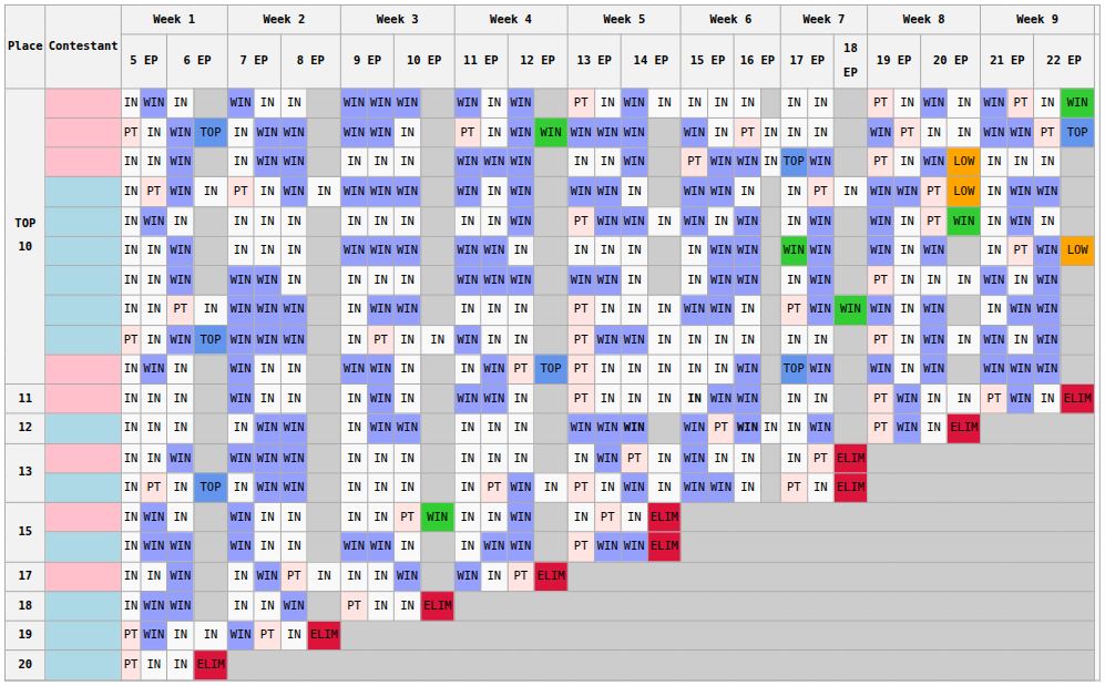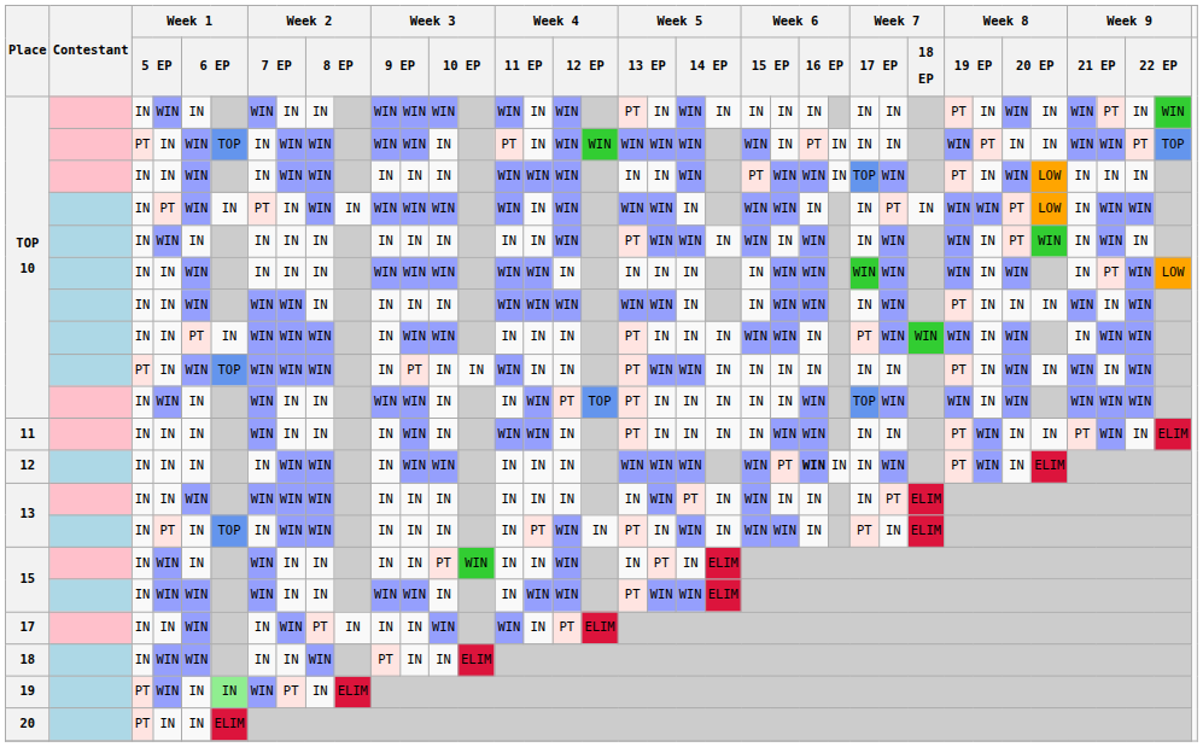 <table class="wikitable" style="text-align: center; font-size: 8pt; line-height:22px; width: 10%">
 <tr>
 <th rowspan="2">Place</th>
 <th rowspan="2">Contestant</th>
 <th colspan="4">Week 1</th>
 <th colspan="4">Week 2</th>
 <th colspan="4">Week 3</th>
 <th colspan="4">Week 4</th>
 <th colspan="4">Week 5</th>
 <th colspan="4">Week 6</th>
 <th colspan="4">Week 7</th>
 <th colspan="4">Week 8</th>
 <th colspan="4">Week 9</th>
 <td></td>
 </tr>
 <tr>
 <th colspan=2>5 EP</th>
 <th colspan=2>6 EP</th>
 <th colspan=2>7 EP</th>
 <th colspan=2>8 EP</th>
 <th colspan=2>9 EP</th>
 <th colspan=2>10 EP</th>
 <th colspan=2>11 EP</th>
 <th colspan=2>12 EP</th>
 <th colspan=2>13 EP</th>
 <th colspan=2>14 EP</th>
 <th colspan=2>15 EP</th>
 <th colspan=2>16 EP</th>
 <th colspan=2>17 EP</th>
 <th colspan=2>18 EP</th>
 <th colspan=2>19 EP</th>
 <th colspan=2>20 EP</th>
 <th colspan=2>21 EP</th>
 <th colspan=2>22 EP</th>
 </tr>
 <tr>
 <th width=10 rowspan="10">TOP<br>10</th>
 <td width=65 bgcolor=FFC0CB></td>
 <td width=25>IN</td>
 <td bgcolor=959FFD>WIN</td>
 <td width=25>IN</td>
 <td width=50 bgcolor=CCCCCC></td>
 <td bgcolor=959FFD>WIN</td>
 <td width=25>IN</td>
 <td width=25>IN</td>
 <td width=50 bgcolor=CCCCCC></td>
 <td bgcolor=959FFD>WIN</td>
 <td bgcolor=959FFD>WIN</td>
 <td bgcolor=959FFD>WIN</td>
 <td width=50 bgcolor=CCCCCC></td>
 <td bgcolor=959FFD>WIN</td>
 <td width=25>IN</td>
 <td bgcolor=959FFD>WIN</td>
 <td width=50 bgcolor=CCCCCC></td>
 <td width=25 bgcolor=FFE4E1>PT</td>
 <td width=25>IN</td>
 <td bgcolor=959FFD>WIN</td>
 <td width=25>IN</td>
 <td width=25>IN</td>
 <td width=25>IN</td>
 <td width=25>IN</td>
 <td width=50 bgcolor=CCCCCC></td>
 <td width=25>IN</td>
 <td colspan=2>IN</td>
 <td width=50 bgcolor=CCCCCC></td>
 <td width=25 bgcolor=FFE4E1>PT</td>
 <td width=25>IN</td>
 <td bgcolor=959FFD>WIN</td>
 <td width=25>IN</td>
 <td bgcolor=959FFD>WIN</td>
 <td width=25 bgcolor=FFE4E1>PT</td>
 <td width=25>IN</td>
 <td bgcolor=32CD32>WIN</td>
 </tr>
 <tr>
 <td width=65 bgcolor=FFC0CB></td>
 <td width=25 bgcolor=FFE4E1>PT</td>
 <td width=25>IN</td>
 <td bgcolor=959FFD>WIN</td>
 <td width=25 bgcolor=#6495ED>TOP</td>
 <td width=25>IN</td>
 <td bgcolor=959FFD>WIN</td>
 <td bgcolor=959FFD>WIN</td>
 <td width=50 bgcolor=CCCCCC></td>
 <td bgcolor=959FFD>WIN</td>
 <td bgcolor=959FFD>WIN</td>
 <td width=25>IN</td>
 <td width=50 bgcolor=CCCCCC></td>
 <td width=25 bgcolor=FFE4E1>PT</td>
 <td width=25>IN</td>
 <td bgcolor=959FFD>WIN</td>
 <td bgcolor=32CD32>WIN</td>
 <td bgcolor=959FFD>WIN</td>
 <td bgcolor=959FFD>WIN</td>
 <td bgcolor=959FFD>WIN</td>
 <td width=50 bgcolor=CCCCCC></td>
 <td bgcolor=959FFD>WIN</td>
 <td width=25>IN</td>
 <td width=25 bgcolor=FFE4E1>PT</td>
 <td width=25>IN</td>
 <td width=25>IN</td>
 <td colspan=2>IN</td>
 <td width=50 bgcolor=CCCCCC></td>
 <td bgcolor=959FFD>WIN</td>
 <td width=25 bgcolor=FFE4E1>PT</td>
 <td width=25>IN</td>
 <td width=25>IN</td>
 <td bgcolor=959FFD>WIN</td>
 <td bgcolor=959FFD>WIN</td>
 <td width=25 bgcolor=FFE4E1>PT</td>
 <td width=25 bgcolor=#6495ED>TOP</td>
 </tr>
 <tr>
 <td width=65 bgcolor=FFC0CB></td>
 <td width=25>IN</td>
 <td width=25>IN</td>
 <td bgcolor=959FFD>WIN</td>
 <td width=50 bgcolor=CCCCCC></td>
 <td width=25>IN</td>
 <td bgcolor=959FFD>WIN</td>
 <td bgcolor=959FFD>WIN</td>
 <td width=50 bgcolor=CCCCCC></td>
 <td width=25>IN</td>
 <td width=25>IN</td>
 <td width=25>IN</td>
 <td width=50 bgcolor=CCCCCC></td>
 <td bgcolor=959FFD>WIN</td>
 <td bgcolor=959FFD>WIN</td>
 <td bgcolor=959FFD>WIN</td>
 <td width=50 bgcolor=CCCCCC></td>
 <td width=25>IN</td>
 <td width=25>IN</td>
 <td bgcolor=959FFD>WIN</td>
 <td width=50 bgcolor=CCCCCC></td>
 <td width=25 bgcolor=FFE4E1>PT</td>
 <td bgcolor=959FFD>WIN</td>
 <td bgcolor=959FFD>WIN</td>
 <td width=25>IN</td>
 <td bgcolor=6495ED>TOP</td>
 <td colspan=2 bgcolor=959FFD>WIN</td>
 <td width=50 bgcolor=CCCCCC></td>
 <td width=25 bgcolor=FFE4E1>PT</td>
 <td width=25>IN</td>
 <td bgcolor=959FFD>WIN</td>
 <td bgcolor=FFA500>LOW</td>
 <td width=25>IN</td>
 <td width=25>IN</td>
 <td width=25>IN</td>
 <td width=50 bgcolor=CCCCCC></td>
 </tr>
 <tr>
 <td width=65 bgcolor=ADD8E6></td>
 <td width=25>IN</td>
 <td width=25 bgcolor=FFE4E1>PT</td>
 <td bgcolor=959FFD>WIN</td>
 <td width=25>IN</td>
 <td width=25 bgcolor=FFE4E1>PT</td>
 <td width=25>IN</td>
 <td bgcolor=959FFD>WIN</td>
 <td width=25>IN</td>
 <td bgcolor=959FFD>WIN</td>
 <td bgcolor=959FFD>WIN</td>
 <td bgcolor=959FFD>WIN</td>
 <td width=50 bgcolor=CCCCCC></td>
 <td bgcolor=959FFD>WIN</td>
 <td width=25>IN</td>
 <td bgcolor=959FFD>WIN</td>
 <td width=50 bgcolor=CCCCCC></td>
 <td bgcolor=959FFD>WIN</td>
 <td bgcolor=959FFD>WIN</td>
 <td width=25>IN</td>
 <td width=50 bgcolor=CCCCCC></td>
 <td bgcolor=959FFD>WIN</td>
 <td bgcolor=959FFD>WIN</td>
 <td width=25>IN</td>
 <td width=50 bgcolor=CCCCCC></td>
 <td width=25>IN</td>
 <td colspan=2 width=25 bgcolor=FFE4E1>PT</td>
 <td width=25>IN</td>
 <td bgcolor=959FFD>WIN</td>
 <td bgcolor=959FFD>WIN</td>
 <td width=25 bgcolor=FFE4E1>PT</td>
 <td bgcolor=FFA500>LOW</td>
 <td width=25>IN</td>
 <td bgcolor=959FFD>WIN</td>
 <td bgcolor=959FFD>WIN</td>
 <td width=50 bgcolor=CCCCCC></td>
 </tr>
 <tr>
 <td width=65 bgcolor=ADD8E6></td>
 <td width=25>IN</td>
 <td bgcolor=959FFD>WIN</td>
 <td width=25>IN</td>
 <td width=50 bgcolor=CCCCCC></td>
 <td width=25>IN</td>
 <td width=25>IN</td>
 <td width=25>IN</td>
 <td width=50 bgcolor=CCCCCC></td>
 <td width=25>IN</td>
 <td width=25>IN</td>
 <td width=25>IN</td>
 <td width=50 bgcolor=CCCCCC></td>
 <td width=25>IN</td>
 <td width=25>IN</td>
 <td bgcolor=959FFD>WIN</td>
 <td width=50 bgcolor=CCCCCC></td>
 <td width=25 bgcolor=FFE4E1>PT</td>
 <td bgcolor=959FFD>WIN</td>
 <td bgcolor=959FFD>WIN</td>
 <td width=25>IN</td>
 <td bgcolor=959FFD>WIN</td>
 <td width=25>IN</td>
 <td bgcolor=959FFD>WIN</td>
 <td width=50 bgcolor=CCCCCC></td>
 <td width=25>IN</td>
 <td colspan=2 bgcolor=959FFD>WIN</td>
 <td width=50 bgcolor=CCCCCC></td>
 <td bgcolor=959FFD>WIN</td>
 <td width=25>IN</td>
 <td width=25 bgcolor=FFE4E1>PT</td>
 <td bgcolor=32CD32>WIN</td>
 <td width=25>IN</td>
 <td bgcolor=959FFD>WIN</td>
 <td width=25>IN</td>
 <td width=50 bgcolor=CCCCCC></td>
 </tr>
 <tr>
 <td width=65 bgcolor=ADD8E6></td>
 <td width=25>IN</td>
 <td width=25>IN</td>
 <td bgcolor=959FFD>WIN</td>
 <td width=50 bgcolor=CCCCCC></td>
 <td width=25>IN</td>
 <td width=25>IN</td>
 <td width=25>IN</td>
 <td width=50 bgcolor=CCCCCC></td>
 <td bgcolor=959FFD>WIN</td>
 <td bgcolor=959FFD>WIN</td>
 <td bgcolor=959FFD>WIN</td>
 <td width=50 bgcolor=CCCCCC></td>
 <td bgcolor=959FFD>WIN</td>
 <td bgcolor=959FFD>WIN</td>
 <td width=25>IN</td>
 <td width=50 bgcolor=CCCCCC></td>
 <td width=25>IN</td>
 <td width=25>IN</td>
 <td width=25>IN</td>
 <td width=50 bgcolor=CCCCCC></td>
 <td width=25>IN</td>
 <td bgcolor=959FFD>WIN</td>
 <td bgcolor=959FFD>WIN</td>
 <td width=50 bgcolor=CCCCCC></td>
 <td bgcolor=32CD32>WIN</td>
 <td colspan=2 bgcolor=959FFD>WIN</td>
 <td width=50 bgcolor=CCCCCC></td>
 <td bgcolor=959FFD>WIN</td>
 <td width=25>IN</td>
 <td bgcolor=959FFD>WIN</td>
 <td width=50 bgcolor=CCCCCC></td>
 <td width=25>IN</td>
 <td width=25 bgcolor=FFE4E1>PT</td>
 <td bgcolor=959FFD>WIN</td>
 <td bgcolor=FFA500>LOW</td>
 </tr>
 <tr>
 <td width=65 bgcolor=ADD8E6></td>
 <td width=25>IN</td>
 <td width=25>IN</td>
 <td bgcolor=959FFD>WIN</td>
 <td width=50 bgcolor=CCCCCC></td>
 <td bgcolor=959FFD>WIN</td>
 <td bgcolor=959FFD>WIN</td>
 <td width=25>IN</td>
 <td width=50 bgcolor=CCCCCC></td>
 <td width=25>IN</td>
 <td width=25>IN</td>
 <td width=25>IN</td>
 <td width=50 bgcolor=CCCCCC></td>
 <td bgcolor=959FFD>WIN</td>
 <td bgcolor=959FFD>WIN</td>
 <td bgcolor=959FFD>WIN</td>
 <td width=50 bgcolor=CCCCCC></td>
 <td bgcolor=959FFD>WIN</td>
 <td bgcolor=959FFD>WIN</td>
 <td width=25>IN</td>
 <td width=50 bgcolor=CCCCCC></td>
 <td width=25>IN</td>
 <td bgcolor=959FFD>WIN</td>
 <td bgcolor=959FFD>WIN</td>
 <td width=50 bgcolor=CCCCCC></td>
 <td width=25>IN</td>
 <td colspan=2 bgcolor=959FFD>WIN</td>
 <td width=50 bgcolor=CCCCCC></td>
 <td width=25 bgcolor=FFE4E1>PT</td>
 <td width=25>IN</td>
 <td width=25>IN</td>
 <td width=25>IN</td>
 <td bgcolor=959FFD>WIN</td>
 <td width=25>IN</td>
 <td bgcolor=959FFD>WIN</td>
 <td width=50 bgcolor=CCCCCC></td>
 </tr>
 <tr>
 <td width=65 bgcolor=ADD8E6></td>
 <td width=25>IN</td>
 <td width=25>IN</td>
 <td width=25 bgcolor=FFE4E1>PT</td>
 <td width=25>IN</td>
 <td bgcolor=959FFD>WIN</td>
 <td bgcolor=959FFD>WIN</td>
 <td bgcolor=959FFD>WIN</td>
 <td width=50 bgcolor=CCCCCC></td>
 <td width=25>IN</td>
 <td bgcolor=959FFD>WIN</td>
 <td bgcolor=959FFD>WIN</td>
 <td width=50 bgcolor=CCCCCC></td>
 <td width=25>IN</td>
 <td width=25>IN</td>
 <td width=25>IN</td>
 <td width=50 bgcolor=CCCCCC></td>
 <td width=25 bgcolor=FFE4E1>PT</td>
 <td width=25>IN</td>
 <td width=25>IN</td>
 <td width=25>IN</td>
 <td bgcolor=959FFD>WIN</td>
 <td bgcolor=959FFD>WIN</td>
 <td width=25>IN</td>
 <td width=50 bgcolor=CCCCCC></td>
 <td width=25 bgcolor=FFE4E1>PT</td>
 <td colspan=2 bgcolor=959FFD>WIN</td>
 <td bgcolor=32CD32>WIN</td>
 <td bgcolor=959FFD>WIN</td>
 <td width=25>IN</td>
 <td bgcolor=959FFD>WIN</td>
 <td width=50 bgcolor=CCCCCC></td>
 <td width=25>IN</td>
 <td bgcolor=959FFD>WIN</td>
 <td bgcolor=959FFD>WIN</td>
 <td width=50 bgcolor=CCCCCC></td>
 </tr>
 <tr>
 <td width=65 bgcolor=ADD8E6></td>
 <td width=25 bgcolor=FFE4E1>PT</td>
 <td width=25>IN</td>
 <td bgcolor=959FFD>WIN</td>
 <td width=25 bgcolor=#6495ED>TOP</td>
 <td bgcolor=959FFD>WIN</td>
 <td bgcolor=959FFD>WIN</td>
 <td bgcolor=959FFD>WIN</td>
 <td width=50 bgcolor=CCCCCC></td>
 <td width=25>IN</td>
 <td width=25 bgcolor=FFE4E1>PT</td>
 <td width=25>IN</td>
 <td width=25>IN</td>
 <td bgcolor=959FFD>WIN</td>
 <td width=25>IN</td>
 <td width=25>IN</td>
 <td width=50 bgcolor=CCCCCC></td>
 <td width=25 bgcolor=FFE4E1>PT</td>
 <td bgcolor=959FFD>WIN</td>
 <td bgcolor=959FFD>WIN</td>
 <td width=25>IN</td>
 <td width=25>IN</td>
 <td width=25>IN</td>
 <td width=25>IN</td>
 <td width=50 bgcolor=CCCCCC></td>
 <td width=25>IN</td>
 <td colspan=2>IN</td>
 <td width=50 bgcolor=CCCCCC></td>
 <td width=25 bgcolor=FFE4E1>PT</td>
 <td width=25>IN</td>
 <td bgcolor=959FFD>WIN</td>
 <td width=25>IN</td>
 <td bgcolor=959FFD>WIN</td>
 <td width=25>IN</td>
 <td bgcolor=959FFD>WIN</td>
 <td width=50 bgcolor=CCCCCC></td>
 </tr>
 <tr>
 <td width=65 bgcolor=FFC0CB></td>
 <td width=25>IN</td>
 <td bgcolor=959FFD>WIN</td>
 <td width=25>IN</td>
 <td width=50 bgcolor=CCCCCC></td>
 <td bgcolor=959FFD>WIN</td>
 <td width=25>IN</td>
 <td width=25>IN</td>
 <td width=50 bgcolor=CCCCCC></td>
 <td bgcolor=959FFD>WIN</td>
 <td bgcolor=959FFD>WIN</td>
 <td width=25>IN</td>
 <td width=50 bgcolor=CCCCCC></td>
 <td width=25>IN</td>
 <td bgcolor=959FFD>WIN</td>
 <td width=25 bgcolor=FFE4E1>PT</td>
 <td width=25 bgcolor=#6495ED>TOP</td>
 <td width=25 bgcolor=FFE4E1>PT</td>
 <td width=25>IN</td>
 <td width=25>IN</td>
 <td width=25>IN</td>
 <td width=25>IN</td>
 <td width=25>IN</td>
 <td bgcolor=959FFD>WIN</td>
 <td width=50 bgcolor=CCCCCC></td>
 <td bgcolor=6495ED>TOP</td>
 <td colspan=2 bgcolor=959FFD>WIN</td>
 <td width=50 bgcolor=CCCCCC></td>
 <td bgcolor=959FFD>WIN</td>
 <td width=25>IN</td>
 <td bgcolor=959FFD>WIN</td>
 <td width=50 bgcolor=CCCCCC></td>
 <td bgcolor=959FFD>WIN</td>
 <td bgcolor=959FFD>WIN</td>
 <td bgcolor=959FFD>WIN</td>
 <td width=50 bgcolor=CCCCCC></td>
 </tr>
 <tr>
 <th width=10>11</th>
 <td width=65 bgcolor=FFC0CB></td>
 <td width=25>IN</td>
 <td width=25>IN</td>
 <td width=25>IN</td>
 <td width=50 bgcolor=CCCCCC></td>
 <td bgcolor=959FFD>WIN</td>
 <td width=25>IN</td>
 <td width=25>IN</td>
 <td width=50 bgcolor=CCCCCC></td>
 <td width=25>IN</td>
 <td bgcolor=959FFD>WIN</td>
 <td width=25>IN</td>
 <td width=50 bgcolor=CCCCCC></td>
 <td bgcolor=959FFD>WIN</td>
 <td bgcolor=959FFD>WIN</td>
 <td width=25>IN</td>
 <td width=50 bgcolor=CCCCCC></td>
 <td width=25 bgcolor=FFE4E1>PT</td>
 <td width=25>IN</td>
 <td width=25>IN</td>
 <td width=25>IN</td>
-<td width=25><strong>IN</strong></td>
+<td width=25>IN</td>
 <td bgcolor=959FFD>WIN</td>
 <td bgcolor=959FFD>WIN</td>
 <td width=50 bgcolor=CCCCCC></td>
 <td width=25>IN</td>
 <td colspan=2>IN</td>
 <td width=50 bgcolor=CCCCCC></td>
 <td width=25 bgcolor=FFE4E1>PT</td>
 <td bgcolor=959FFD>WIN</td>
 <td width=25>IN</td>
 <td width=25>IN</td>
 <td width=25 bgcolor=FFE4E1>PT</td>
 <td bgcolor=959FFD>WIN</td>
 <td width=25>IN</td>
 <td bgcolor=DC143C>ELIM</td>
 </tr>
 <tr>
 <th width=10>12</th>
 <td width=65 bgcolor=ADD8E6></td>
 <td width=25>IN</td>
 <td width=25>IN</td>
 <td width=25>IN</td>
 <td width=50 bgcolor=CCCCCC></td>
 <td width=25>IN</td>
 <td bgcolor=959FFD>WIN</td>
 <td bgcolor=959FFD>WIN</td>
 <td width=50 bgcolor=CCCCCC></td>
 <td width=25>IN</td>
 <td bgcolor=959FFD>WIN</td>
 <td bgcolor=959FFD>WIN</td>
 <td width=50 bgcolor=CCCCCC></td>
 <td width=25>IN</td>
 <td width=25>IN</td>
 <td width=25>IN</td>
 <td width=50 bgcolor=CCCCCC></td>
 <td bgcolor=959FFD>WIN</td>
 <td bgcolor=959FFD>WIN</td>
-<td bgcolor=959FFD><strong>WIN</strong></td>
+<td bgcolor=959FFD>WIN</td>
 <td width=50 bgcolor=CCCCCC></td>
 <td bgcolor=959FFD>WIN</td>
 <td width=25 bgcolor=FFE4E1>PT</td>
 <td bgcolor=959FFD><strong>WIN</strong></td>
 <td width=25>IN</td>
 <td width=25>IN</td>
 <td colspan=2 bgcolor=959FFD>WIN</td>
 <td width=50 bgcolor=CCCCCC></td>
 <td width=25 bgcolor=FFE4E1>PT</td>
 <td bgcolor=959FFD>WIN</td>
 <td width=25>IN</td>
 <td bgcolor=DC143C>ELIM</td>
 <td colspan="4" width="50" bgcolor="CCCCCC"></td>
 </tr>
 <tr>
 <th rowspan="2" width=10>13</th>
 <td width=65 bgcolor=FFC0CB></td>
 <td width=25>IN</td>
 <td width=25>IN</td>
 <td bgcolor=959FFD>WIN</td>
 <td width=50 bgcolor=CCCCCC></td>
 <td bgcolor=959FFD>WIN</td>
 <td bgcolor=959FFD>WIN</td>
 <td bgcolor=959FFD>WIN</td>
 <td width=50 bgcolor=CCCCCC></td>
 <td width=25>IN</td>
 <td width=25>IN</td>
 <td width=25>IN</td>
 <td width=50 bgcolor=CCCCCC></td>
 <td width=25>IN</td>
 <td width=25>IN</td>
 <td width=25>IN</td>
 <td width=50 bgcolor=CCCCCC></td>
 <td width=25>IN</td>
 <td bgcolor=959FFD>WIN</td>
 <td width=25 bgcolor=FFE4E1>PT</td>
 <td width=25>IN</td>
 <td bgcolor=959FFD>WIN</td>
 <td width=25>IN</td>
 <td width=25>IN</td>
 <td width=50 bgcolor=CCCCCC></td>
 <td width=25>IN</td>
 <td colspan=2 width=25 bgcolor=FFE4E1>PT</td>
 <td bgcolor=DC143C>ELIM</td>
 <td colspan="8" width="50" bgcolor="CCCCCC"></td>
 </tr>
 <tr>
 <td width=65 bgcolor=ADD8E6></td>
 <td width=25>IN</td>
 <td width=25 bgcolor=FFE4E1>PT</td>
 <td width=25>IN</td>
 <td width=25 bgcolor=#6495ED>TOP</td>
 <td width=25>IN</td>
 <td bgcolor=959FFD>WIN</td>
 <td bgcolor=959FFD>WIN</td>
 <td width=50 bgcolor=CCCCCC></td>
 <td width=25>IN</td>
 <td width=25>IN</td>
 <td width=25>IN</td>
 <td width=50 bgcolor=CCCCCC></td>
 <td width=25>IN</td>
 <td width=25 bgcolor=FFE4E1>PT</td>
 <td bgcolor=959FFD>WIN</td>
 <td width=25>IN</td>
 <td width=25 bgcolor=FFE4E1>PT</td>
 <td width=25>IN</td>
 <td bgcolor=959FFD>WIN</td>
 <td width=25>IN</td>
 <td bgcolor=959FFD>WIN</td>
 <td bgcolor=959FFD>WIN</td>
 <td width=25>IN</td>
 <td width=50 bgcolor=CCCCCC></td>
 <td width=25 bgcolor=FFE4E1>PT</td>
 <td colspan=2>IN</td>
 <td bgcolor=DC143C>ELIM</td>
 <td colspan="8" width="50" bgcolor="CCCCCC"></td>
 </tr>
 <tr>
 <th rowspan="2" width=10>15</th>
 <td width=65 bgcolor=FFC0CB></td>
 <td width=25>IN</td>
 <td bgcolor=959FFD>WIN</td>
 <td width=25>IN</td>
 <td width=50 bgcolor=CCCCCC></td>
 <td bgcolor=959FFD>WIN</td>
 <td width=25>IN</td>
 <td width=25>IN</td>
 <td width=50 bgcolor=CCCCCC></td>
 <td width=25>IN</td>
 <td width=25>IN</td>
 <td width=25 bgcolor=FFE4E1>PT</td>
 <td bgcolor=32CD32>WIN</td>
 <td width=25>IN</td>
 <td width=25>IN</td>
 <td bgcolor=959FFD>WIN</td>
 <td width=50 bgcolor=CCCCCC></td>
 <td width=25>IN</td>
 <td width=25 bgcolor=FFE4E1>PT</td>
 <td width=25>IN</td>
 <td bgcolor=DC143C>ELIM</td>
 <td colspan="16" width="50" bgcolor="CCCCCC"></td>
 </tr>
 <tr>
 <td width=65 bgcolor=ADD8E6></td>
 <td width=25>IN</td>
 <td bgcolor=959FFD>WIN</td>
 <td bgcolor=959FFD>WIN</td>
 <td width=50 bgcolor=CCCCCC></td>
 <td bgcolor=959FFD>WIN</td>
 <td width=25>IN</td>
 <td width=25>IN</td>
 <td width=50 bgcolor=CCCCCC></td>
 <td bgcolor=959FFD>WIN</td>
 <td bgcolor=959FFD>WIN</td>
 <td width=25>IN</td>
 <td width=50 bgcolor=CCCCCC></td>
 <td width=25>IN</td>
 <td bgcolor=959FFD>WIN</td>
 <td bgcolor=959FFD>WIN</td>
 <td width=50 bgcolor=CCCCCC></td>
 <td width=25 bgcolor=FFE4E1>PT</td>
 <td bgcolor=959FFD>WIN</td>
 <td bgcolor=959FFD>WIN</td>
 <td bgcolor=DC143C>ELIM</td>
 <td colspan="16" width="50" bgcolor="CCCCCC"></td>
 </tr>
 <tr>
 <th width=10>17</th>
 <td width=65 bgcolor=FFC0CB></td>
 <td width=25>IN</td>
 <td width=25>IN</td>
 <td bgcolor=959FFD>WIN</td>
 <td width=50 bgcolor=CCCCCC></td>
 <td width=25>IN</td>
 <td bgcolor=959FFD>WIN</td>
 <td width=25 bgcolor=FFE4E1>PT</td>
 <td width=25>IN</td>
 <td width=25>IN</td>
 <td width=25>IN</td>
 <td bgcolor=959FFD>WIN</td>
 <td width=50 bgcolor=CCCCCC></td>
 <td bgcolor=959FFD>WIN</td>
 <td width=25>IN</td>
 <td width=25 bgcolor=FFE4E1>PT</td>
 <td bgcolor=DC143C>ELIM</td>
 <td width=50 colspan=20 bgcolor=CCCCCC></td>
 </tr>
 <tr>
 <th width=10>18</th>
 <td width=65 bgcolor=ADD8E6></td>
 <td width=25>IN</td>
 <td bgcolor=959FFD>WIN</td>
 <td bgcolor=959FFD>WIN</td>
 <td width=50 bgcolor=CCCCCC></td>
 <td width=25>IN</td>
 <td width=25>IN</td>
 <td bgcolor=959FFD>WIN</td>
 <td width=50 bgcolor=CCCCCC></td>
 <td width=25 bgcolor=FFE4E1>PT</td>
 <td width=25>IN</td>
 <td width=25>IN</td>
 <td bgcolor=DC143C>ELIM</td>
 <td colspan="24" width="50" bgcolor="CCCCCC"></td>
 </tr>
 <tr>
 <th width=10>19</th>
 <td width=65 bgcolor=ADD8E6></td>
 <td width=25 bgcolor=FFE4E1>PT</td>
 <td bgcolor=959FFD>WIN</td>
 <td width=25>IN</td>
-<td width=25>IN</td>
+<td width=25 style="background: lightgreen;">IN</td>
 <td bgcolor=959FFD>WIN</td>
 <td width=25 bgcolor=FFE4E1>PT</td>
 <td width=25>IN</td>
 <td bgcolor=DC143C>ELIM</td>
 <td colspan="28" width="50" bgcolor="CCCCCC"></td>
 </tr>
 <tr>
 <th width=10>20</th>
 <td width=65 bgcolor=ADD8E6></td>
 <td width=25 bgcolor=FFE4E1>PT</td>
 <td width=25>IN</td>
 <td width=25>IN</td>
 <td bgcolor=DC143C>ELIM</td>
 <td colspan="32" width="50" bgcolor="CCCCCC"></td>
 </tr>
 <tr>
 </tr>
 </table>
